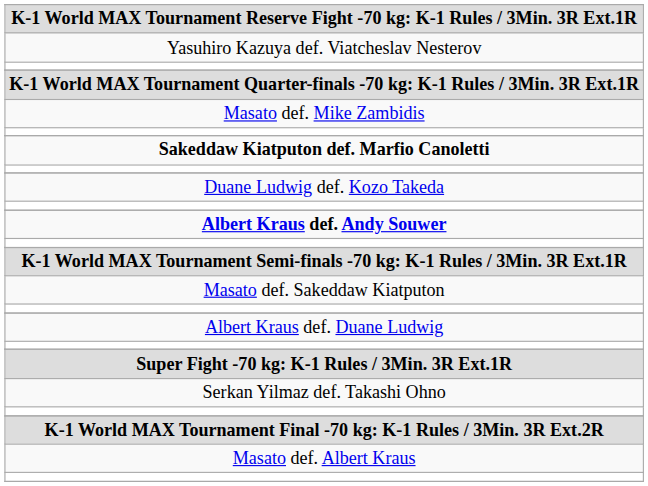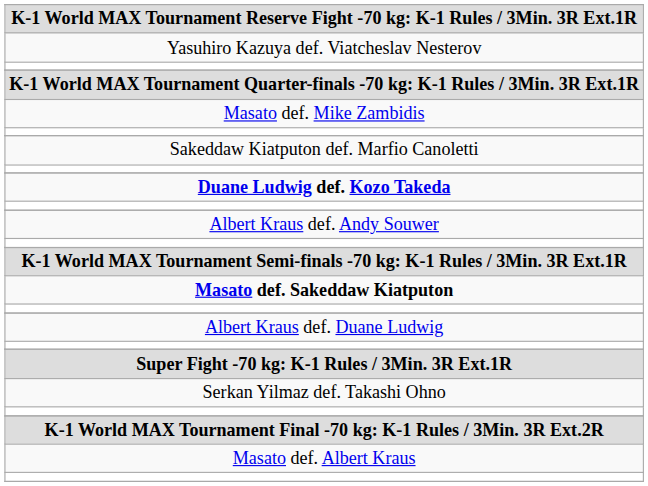 <table class="wikitable" style="clear:both; margin:1.5em auto; text-align:center;">
 <tr>
 </tr>
 <tr align="center"  bgcolor="#dddddd">
 <td><strong>K-1 World MAX Tournament Reserve Fight -70 kg: K-1 Rules / 3Min. 3R Ext.1R</strong></td>
 </tr>
 <tr align="center"  bgcolor=>
 <td align=center> Yasuhiro Kazuya def. Viatcheslav Nesterov </td>
 </tr>
 <tr>
 <th style=background:white colspan=2></th>
 </tr>
 <tr>
 </tr>
 <tr align="center"  bgcolor="#dddddd">
 <td><strong>K-1 World MAX Tournament Quarter-finals -70 kg: K-1 Rules / 3Min. 3R Ext.1R</strong></td>
 </tr>
 <tr align="center"  bgcolor=>
 <td align=center> <a href='#'>Masato</a> def. <a href='#'>Mike Zambidis</a> </td>
 </tr>
 <tr>
 <th style=background:white colspan=2></th>
 </tr>
 <tr>
 </tr>
 <tr align="center"  bgcolor=>
-<td align=center><strong> Sakeddaw Kiatputon def. Marfio Canoletti </strong></td>
+<td align=center> Sakeddaw Kiatputon def. Marfio Canoletti </td>
 </tr>
 <tr>
 <th style=background:white colspan=2></th>
 </tr>
 <tr>
 </tr>
 <tr align="center"  bgcolor=>
-<td align=center> <a href='#'>Duane Ludwig</a> def. <a href='#'>Kozo Takeda</a> </td>
+<td align=center><strong> <a href='#'>Duane Ludwig</a> def. <a href='#'>Kozo Takeda</a> </strong></td>
 </tr>
 <tr>
 <th style=background:white colspan=2></th>
 </tr>
 <tr>
 </tr>
 <tr align="center"  bgcolor=>
-<td align=center><strong> <a href='#'>Albert Kraus</a> def. <a href='#'>Andy Souwer</a> </strong></td>
+<td align=center> <a href='#'>Albert Kraus</a> def. <a href='#'>Andy Souwer</a> </td>
 </tr>
 <tr>
 <th style=background:white colspan=2></th>
 </tr>
 <tr>
 </tr>
 <tr align="center"  bgcolor="#dddddd">
 <td><strong>K-1 World MAX Tournament Semi-finals -70 kg: K-1 Rules / 3Min. 3R Ext.1R</strong></td>
 </tr>
 <tr align="center"  bgcolor=>
-<td align=center> <a href='#'>Masato</a> def. Sakeddaw Kiatputon </td>
+<td align=center><strong> <a href='#'>Masato</a> def. Sakeddaw Kiatputon </strong></td>
 </tr>
 <tr>
 <th style=background:white colspan=2></th>
 </tr>
 <tr>
 </tr>
 <tr align="center"  bgcolor=>
 <td align=center> <a href='#'>Albert Kraus</a> def. <a href='#'>Duane Ludwig</a> </td>
 </tr>
 <tr>
 <th style=background:white colspan=2></th>
 </tr>
 <tr>
 </tr>
 <tr align="center"  bgcolor="#dddddd">
 <td><strong>Super Fight -70 kg: K-1 Rules / 3Min. 3R Ext.1R</strong></td>
 </tr>
 <tr align="center"  bgcolor=>
 <td align=center> Serkan Yilmaz def. Takashi Ohno </td>
 </tr>
 <tr>
 <th style=background:white colspan=2></th>
 </tr>
 <tr>
 </tr>
 <tr align="center"  bgcolor="#dddddd">
 <td><strong>K-1 World MAX Tournament Final -70 kg: K-1 Rules / 3Min. 3R Ext.2R</strong></td>
 </tr>
 <tr align="center"  bgcolor=>
 <td align=center> <a href='#'>Masato</a> def. <a href='#'>Albert Kraus</a> </td>
 </tr>
 <tr>
 <th style=background:white colspan=2></th>
 </tr>
 <tr>
 </tr>
 </table>
